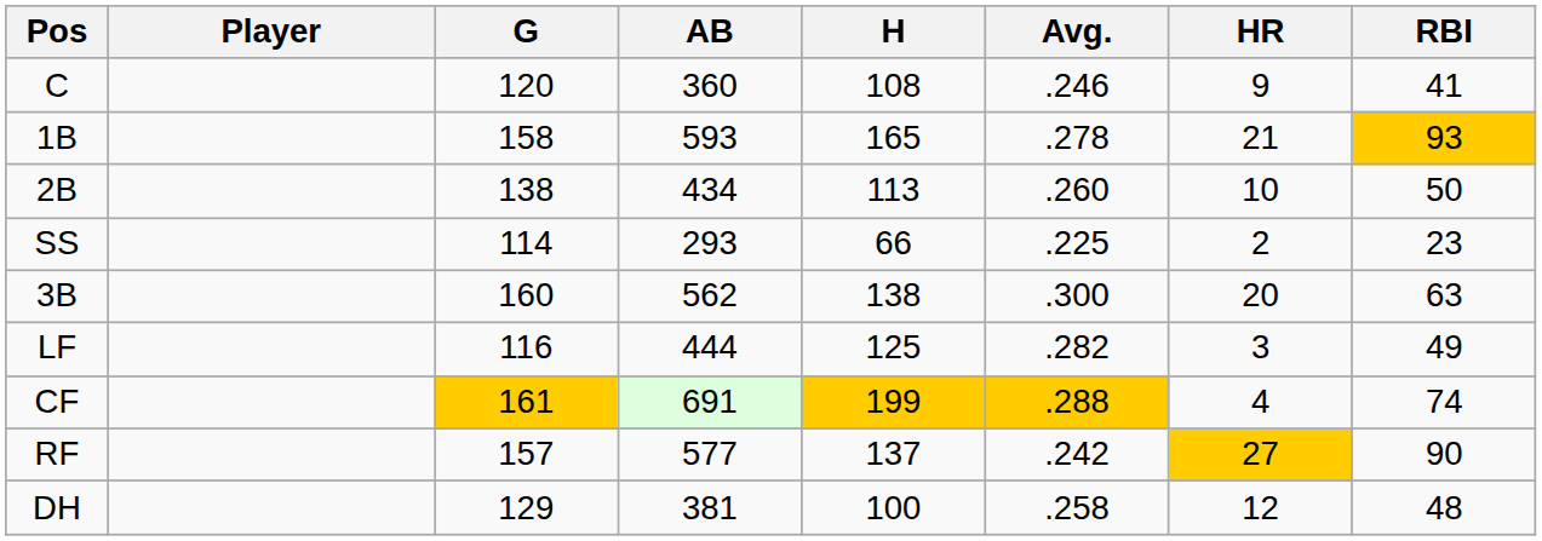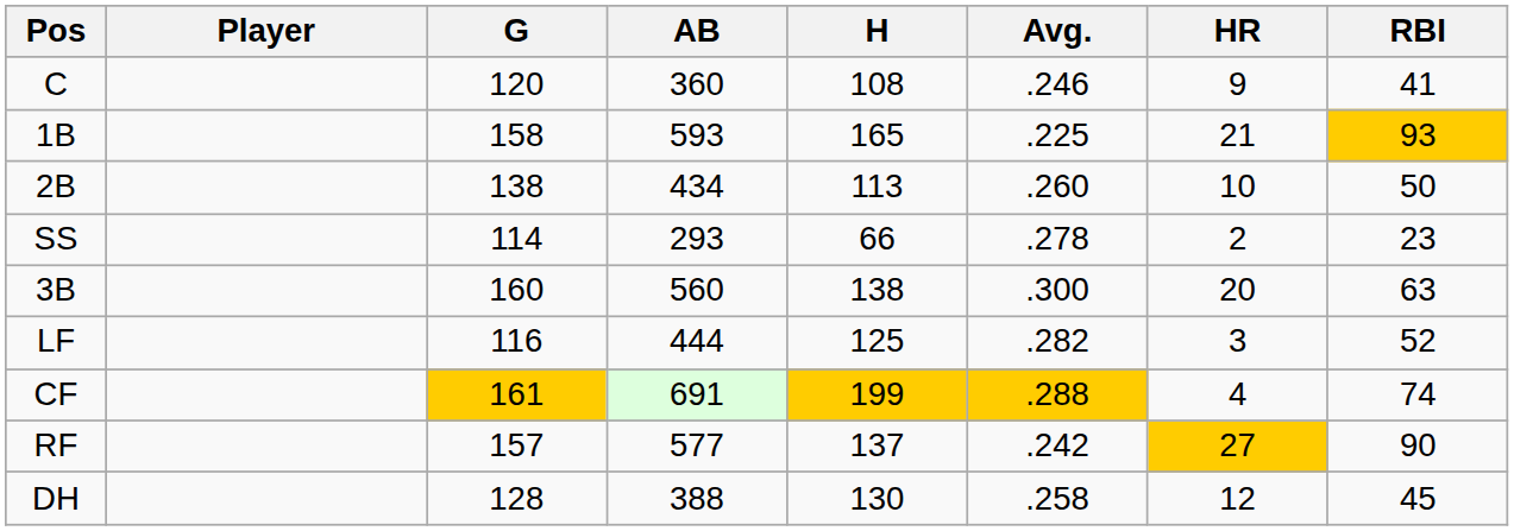 <table class="wikitable sortable">
 <tr>
 <th bgcolor="#DDDDFF" width="5%">Pos</th>
 <th bgcolor="#DDDDFF" width="16%">Player</th>
 <th bgcolor="#DDDDFF" width="9%">G</th>
 <th bgcolor="#DDDDFF" width="9%">AB</th>
 <th bgcolor="#DDDDFF" width="9%">H</th>
 <th bgcolor="#DDDDFF" width="9%">Avg.</th>
 <th bgcolor="#DDDDFF" width="9%">HR</th>
 <th bgcolor="#DDDDFF" width="9%">RBI</th>
 </tr>
 <tr align="center">
 <td>C</td>
 <td></td>
 <td>120</td>
 <td>360</td>
 <td>108</td>
 <td>.246</td>
 <td>9</td>
 <td>41</td>
 </tr>
 <tr align="center">
 <td>1B</td>
 <td></td>
 <td>158</td>
 <td>593</td>
 <td>165</td>
-<td>.278</td>
+<td>.225</td>
 <td>21</td>
 <td style="background:#fc0;">93</td>
 </tr>
 <tr align="center">
 <td>2B</td>
 <td></td>
 <td>138</td>
 <td>434</td>
 <td>113</td>
 <td>.260</td>
 <td>10</td>
 <td>50</td>
 </tr>
 <tr align="center">
 <td>SS</td>
 <td></td>
 <td>114</td>
 <td>293</td>
 <td>66</td>
-<td>.225</td>
+<td>.278</td>
 <td>2</td>
 <td>23</td>
 </tr>
 <tr align="center">
 <td>3B</td>
 <td></td>
 <td>160</td>
-<td>562</td>
+<td>560</td>
 <td>138</td>
 <td>.300</td>
 <td>20</td>
 <td>63</td>
 </tr>
 <tr align="center">
 <td>LF</td>
 <td></td>
 <td>116</td>
 <td>444</td>
 <td>125</td>
 <td>.282</td>
 <td>3</td>
-<td>49</td>
+<td>52</td>
 </tr>
 <tr align="center">
 <td>CF</td>
 <td></td>
 <td style="background:#fc0;">161</td>
 <td style="background:#DDFFDD;">691</td>
 <td style="background:#fc0;">199</td>
 <td style="background:#fc0;">.288</td>
 <td>4</td>
 <td>74</td>
 </tr>
 <tr align="center">
 <td>RF</td>
 <td></td>
 <td>157</td>
 <td>577</td>
 <td>137</td>
 <td>.242</td>
 <td style="background:#fc0;">27</td>
 <td>90</td>
 </tr>
 <tr align="center">
 <td>DH</td>
 <td></td>
-<td>129</td>
-<td>381</td>
-<td>100</td>
+<td>128</td>
+<td>388</td>
+<td>130</td>
 <td>.258</td>
 <td>12</td>
-<td>48</td>
+<td>45</td>
 </tr>
 </table>
